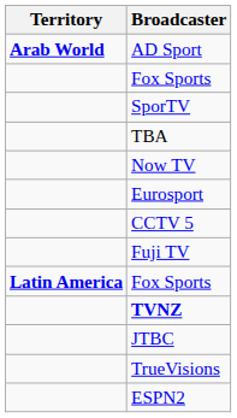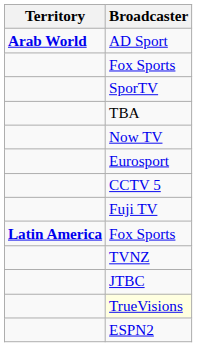 <table class="wikitable">
 <tr>
 <th>Territory</th>
 <th>Broadcaster</th>
 </tr>
 <tr>
 <td><strong> <a href='#'>Arab World</a></strong></td>
 <td><a href='#'>AD Sport</a></td>
 </tr>
 <tr>
 <td><strong></strong></td>
 <td><a href='#'>Fox Sports</a></td>
 </tr>
 <tr>
 <td><strong></strong></td>
 <td><a href='#'>SporTV</a></td>
 </tr>
 <tr>
 <td><strong></strong></td>
 <td>TBA</td>
 </tr>
 <tr>
 <td><strong></strong></td>
 <td><a href='#'>Now TV</a></td>
 </tr>
 <tr>
 <td><strong></strong></td>
 <td><a href='#'>Eurosport</a></td>
 </tr>
 <tr>
 <td><strong></strong></td>
 <td><a href='#'>CCTV 5</a></td>
 </tr>
 <tr>
 <td><strong></strong></td>
 <td><a href='#'>Fuji TV</a></td>
 </tr>
 <tr>
 <td><strong><a href='#'>Latin America</a></strong></td>
 <td><a href='#'>Fox Sports</a></td>
 </tr>
 <tr>
 <td><strong></strong></td>
-<td><strong><a href='#'>TVNZ</a></strong></td>
+<td><a href='#'>TVNZ</a></td>
 </tr>
 <tr>
 <td><strong></strong></td>
 <td><a href='#'>JTBC</a></td>
 </tr>
 <tr>
 <td><strong></strong></td>
-<td><a href='#'>TrueVisions</a></td>
+<td style="background: lightyellow;"><a href='#'>TrueVisions</a></td>
 </tr>
 <tr>
 <td><strong></strong></td>
 <td><a href='#'>ESPN2</a></td>
 </tr>
 </table>
